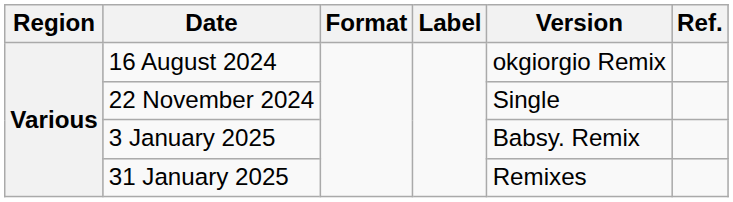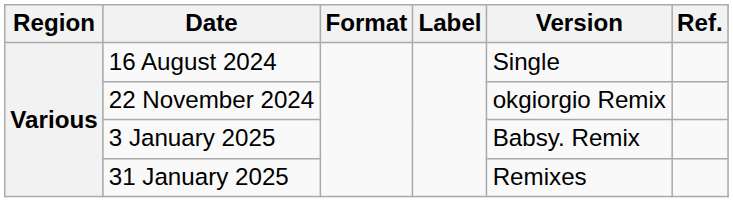 <table class="wikitable plainrowheaders">
 <tr>
 <th scope="col">Region</th>
 <th scope="col">Date</th>
 <th scope="col">Format</th>
 <th scope="col">Label</th>
 <th>Version</th>
 <th scope="col">Ref.</th>
 </tr>
 <tr>
 <th rowspan="4" scope="row">Various</th>
 <td>16 August 2024</td>
 <td rowspan="4"></td>
 <td rowspan="4"></td>
-<td>okgiorgio Remix</td>
+<td>Single</td>
 <td></td>
 </tr>
 <tr>
 <td>22 November 2024</td>
-<td>Single</td>
+<td>okgiorgio Remix</td>
 <td></td>
 </tr>
 <tr>
 <td>3 January 2025</td>
 <td>Babsy. Remix</td>
 <td></td>
 </tr>
 <tr>
 <td>31 January 2025</td>
 <td>Remixes</td>
 <td></td>
 </tr>
 </table>
